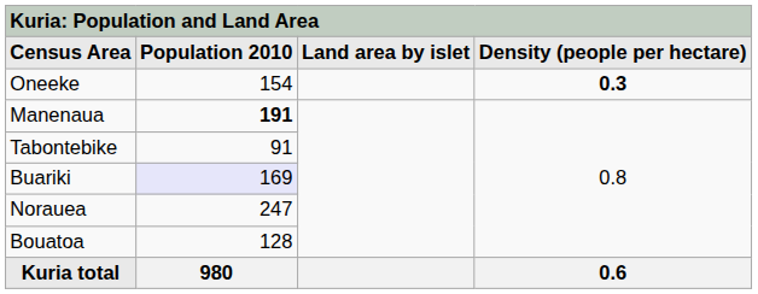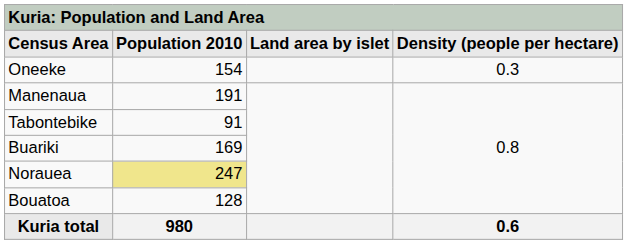 <table class="wikitable">
 <tr>
 <td colspan=4 style="background-color:#C1CDC1"><strong>Kuria: Population and Land Area</strong></td>
 </tr>
 <tr>
 <th style="background-color:#E9E9E9" align=left valign=top>Census Area</th>
 <th style="background-color:#E9E9E9" align=right valign=top>Population 2010</th>
 <th style="background-color:#E9E9E9" align=right valign=top>Land area by islet</th>
 <th style="background-color:#E9E9E9" align=right valign=top>Density (people per hectare)</th>
 </tr>
 <tr>
 <td>Oneeke</td>
 <td align=right>154</td>
 <td align=right></td>
-<td align=center><strong>0.3</strong></td>
+<td align=center>0.3</td>
 </tr>
 <tr>
 <td>Manenaua</td>
-<td align=right><strong>191</strong></td>
+<td align=right>191</td>
 <td align=right rowspan=5></td>
 <td align=center rowspan=5>0.8</td>
 </tr>
 <tr>
 <td>Tabontebike</td>
 <td align=right>91</td>
 </tr>
 <tr>
 <td>Buariki</td>
-<td align=right style="background: lavender;">169</td>
+<td align=right>169</td>
 </tr>
 <tr>
 <td>Norauea</td>
-<td align=right>247</td>
+<td align=right style="background: khaki;">247</td>
 </tr>
 <tr>
 <td>Bouatoa</td>
 <td align=right>128</td>
 </tr>
 <tr>
 <th style="background-color:#E9E9E9">Kuria total</th>
 <th align=right>980</th>
 <th align=right></th>
 <th align=center>0.6</th>
 </tr>
 </table>
